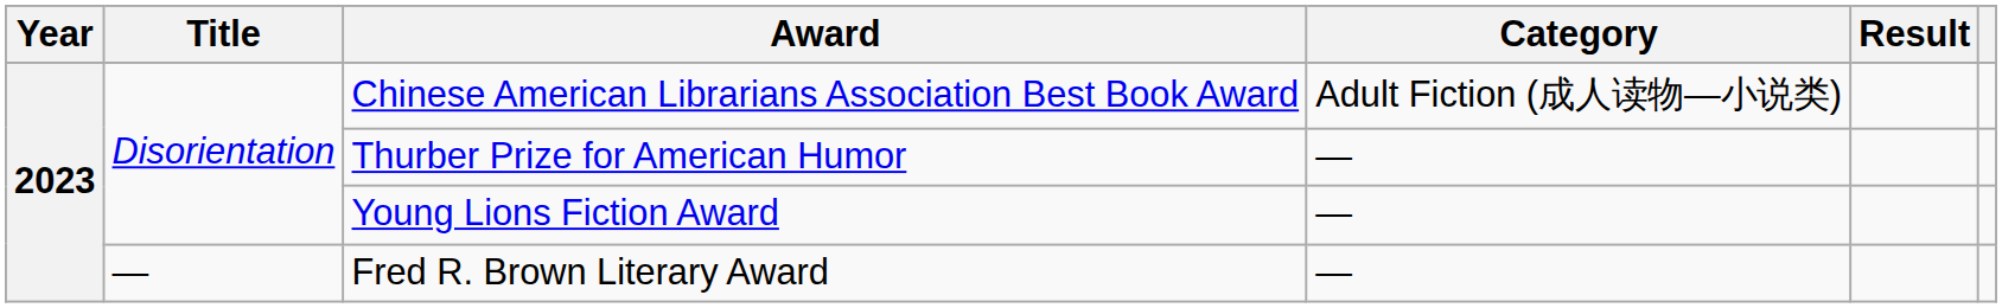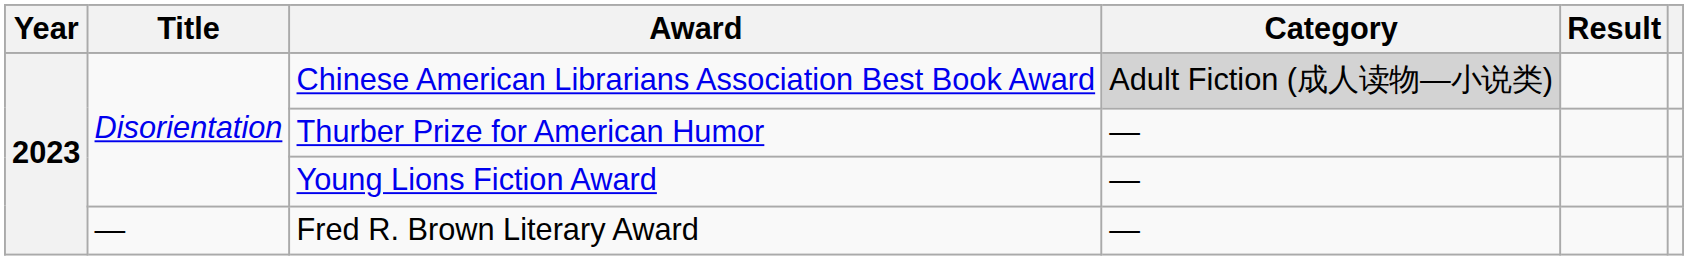 <table class="wikitable sortable">
 <tr>
 <th>Year</th>
 <th>Title</th>
 <th>Award</th>
 <th>Category</th>
 <th>Result</th>
 <th></th>
 </tr>
 <tr>
 <th rowspan="4">2023</th>
 <td rowspan="3"><em><a href='#'>Disorientation</a></em></td>
 <td><a href='#'>Chinese American Librarians Association Best Book Award</a></td>
-<td>Adult Fiction (成人读物—小说类)</td>
+<td style="background: lightgrey;">Adult Fiction (成人读物—小说类)</td>
 <td></td>
 <td></td>
 </tr>
 <tr>
 <td><a href='#'>Thurber Prize for American Humor</a></td>
 <td>—</td>
 <td></td>
 <td></td>
 </tr>
 <tr>
 <td><a href='#'>Young Lions Fiction Award</a></td>
 <td>—</td>
 <td></td>
 <td></td>
 </tr>
 <tr>
 <td>—</td>
 <td>Fred R. Brown Literary Award</td>
 <td>—</td>
 <td></td>
 <td></td>
 </tr>
 </table>
